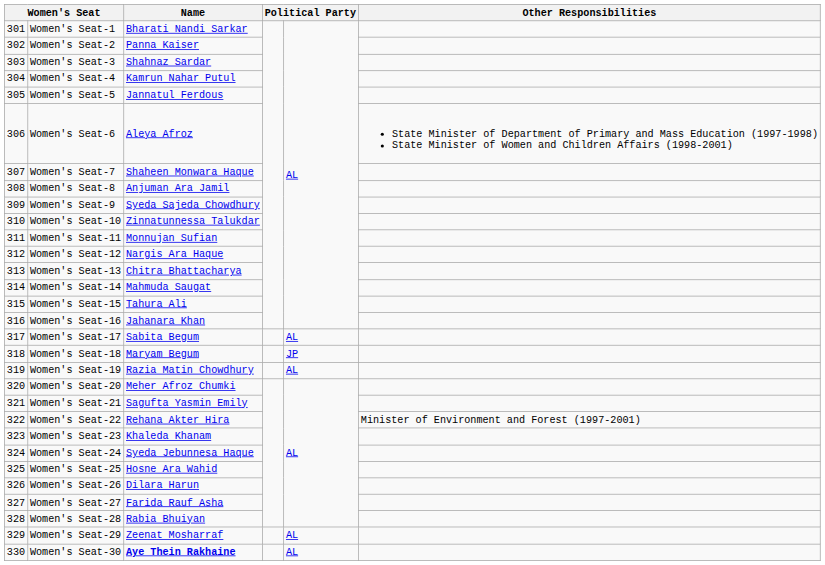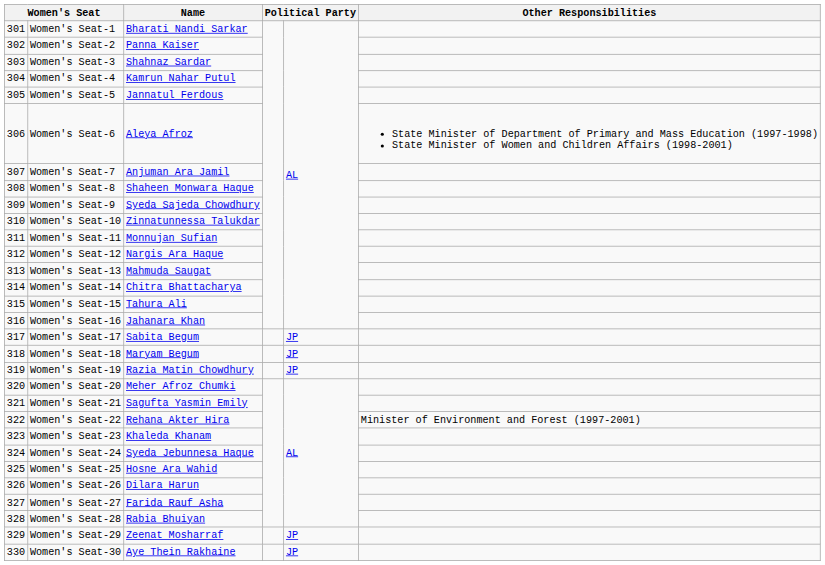 <table class="wikitable sortable">
 <tr>
 <th colspan="2">Women's Seat</th>
 <th>Name</th>
 <th colspan="2"><strong>Political Party</strong></th>
 <th>Other Responsibilities</th>
 </tr>
 <tr>
 <td>301</td>
 <td>Women's Seat-1</td>
 <td><a href='#'>Bharati Nandi Sarkar</a></td>
 <td rowspan="16" style="background-color:"></td>
 <td rowspan="16"><a href='#'>AL</a></td>
 <td></td>
 </tr>
 <tr>
 <td>302</td>
 <td>Women's Seat-2</td>
 <td><a href='#'>Panna Kaiser</a></td>
 <td></td>
 </tr>
 <tr>
 <td>303</td>
 <td>Women's Seat-3</td>
 <td><a href='#'>Shahnaz Sardar</a></td>
 <td></td>
 </tr>
 <tr>
 <td>304</td>
 <td>Women's Seat-4</td>
 <td><a href='#'>Kamrun Nahar Putul</a></td>
 <td></td>
 </tr>
 <tr>
 <td>305</td>
 <td>Women's Seat-5</td>
 <td><a href='#'>Jannatul Ferdous</a></td>
 <td></td>
 </tr>
 <tr>
 <td>306</td>
 <td>Women's Seat-6</td>
 <td><a href='#'>Aleya Afroz</a></td>
 <td><br><ul><li>State Minister of Department of Primary and Mass Education (1997-1998)</li><li>State Minister of Women and Children Affairs (1998-2001)</li></ul></td>
 </tr>
 <tr>
 <td>307</td>
 <td>Women's Seat-7</td>
-<td><a href='#'>Shaheen Monwara Haque</a></td>
+<td><a href='#'>Anjuman Ara Jamil</a></td>
 <td></td>
 </tr>
 <tr>
 <td>308</td>
 <td>Women's Seat-8</td>
-<td><a href='#'>Anjuman Ara Jamil</a></td>
+<td><a href='#'>Shaheen Monwara Haque</a></td>
 <td></td>
 </tr>
 <tr>
 <td>309</td>
 <td>Women's Seat-9</td>
 <td><a href='#'>Syeda Sajeda Chowdhury</a></td>
 <td></td>
 </tr>
 <tr>
 <td>310</td>
 <td>Women's Seat-10</td>
 <td><a href='#'>Zinnatunnessa Talukdar</a></td>
 <td></td>
 </tr>
 <tr>
 <td>311</td>
 <td>Women's Seat-11</td>
 <td><a href='#'>Monnujan Sufian</a></td>
 <td></td>
 </tr>
 <tr>
 <td>312</td>
 <td>Women's Seat-12</td>
 <td><a href='#'>Nargis Ara Haque</a></td>
 <td></td>
 </tr>
 <tr>
 <td>313</td>
 <td>Women's Seat-13</td>
-<td><a href='#'>Chitra Bhattacharya</a></td>
+<td><a href='#'>Mahmuda Saugat</a></td>
 <td></td>
 </tr>
 <tr>
 <td>314</td>
 <td>Women's Seat-14</td>
-<td><a href='#'>Mahmuda Saugat</a></td>
+<td><a href='#'>Chitra Bhattacharya</a></td>
 <td></td>
 </tr>
 <tr>
 <td>315</td>
 <td>Women's Seat-15</td>
 <td><a href='#'>Tahura Ali</a></td>
 <td></td>
 </tr>
 <tr>
 <td>316</td>
 <td>Women's Seat-16</td>
 <td><a href='#'>Jahanara Khan</a></td>
 <td></td>
 </tr>
 <tr>
 <td>317</td>
 <td>Women's Seat-17</td>
 <td><a href='#'>Sabita Begum</a></td>
 <td style="background-color:"></td>
-<td><a href='#'>AL</a></td>
+<td><a href='#'>JP</a></td>
 <td></td>
 </tr>
 <tr>
 <td>318</td>
 <td>Women's Seat-18</td>
 <td><a href='#'>Maryam Begum</a></td>
 <td style="background-color:"></td>
 <td><a href='#'>JP</a></td>
 <td></td>
 </tr>
 <tr>
 <td>319</td>
 <td>Women's Seat-19</td>
 <td><a href='#'>Razia Matin Chowdhury</a></td>
 <td style="background-color:"></td>
-<td><a href='#'>AL</a></td>
+<td><a href='#'>JP</a></td>
 <td></td>
 </tr>
 <tr>
 <td>320</td>
 <td>Women's Seat-20</td>
 <td><a href='#'>Meher Afroz Chumki</a></td>
 <td rowspan="9" style="background-color:"></td>
 <td rowspan="9"><a href='#'>AL</a></td>
 <td></td>
 </tr>
 <tr>
 <td>321</td>
 <td>Women's Seat-21</td>
 <td><a href='#'>Sagufta Yasmin Emily</a></td>
 <td></td>
 </tr>
 <tr>
 <td>322</td>
 <td>Women's Seat-22</td>
 <td><a href='#'>Rehana Akter Hira</a></td>
 <td>Minister of Environment and Forest (1997-2001)</td>
 </tr>
 <tr>
 <td>323</td>
 <td>Women's Seat-23</td>
 <td><a href='#'>Khaleda Khanam</a></td>
 <td></td>
 </tr>
 <tr>
 <td>324</td>
 <td>Women's Seat-24</td>
 <td><a href='#'>Syeda Jebunnesa Haque</a></td>
 <td></td>
 </tr>
 <tr>
 <td>325</td>
 <td>Women's Seat-25</td>
 <td><a href='#'>Hosne Ara Wahid</a></td>
 <td></td>
 </tr>
 <tr>
 <td>326</td>
 <td>Women's Seat-26</td>
 <td><a href='#'>Dilara Harun</a></td>
 <td></td>
 </tr>
 <tr>
 <td>327</td>
 <td>Women's Seat-27</td>
 <td><a href='#'>Farida Rauf Asha</a></td>
 <td></td>
 </tr>
 <tr>
 <td>328</td>
 <td>Women's Seat-28</td>
 <td><a href='#'>Rabia Bhuiyan</a></td>
 <td></td>
 </tr>
 <tr>
 <td>329</td>
 <td>Women's Seat-29</td>
 <td><a href='#'>Zeenat Mosharraf</a></td>
 <td style="background-color:"></td>
-<td><a href='#'>AL</a></td>
+<td><a href='#'>JP</a></td>
 <td></td>
 </tr>
 <tr>
 <td>330</td>
 <td>Women's Seat-30</td>
-<td><strong><a href='#'>Aye Thein Rakhaine</a></strong></td>
+<td><a href='#'>Aye Thein Rakhaine</a></td>
 <td style="background-color:"></td>
-<td><a href='#'>AL</a></td>
+<td><a href='#'>JP</a></td>
 <td></td>
 </tr>
 </table>
